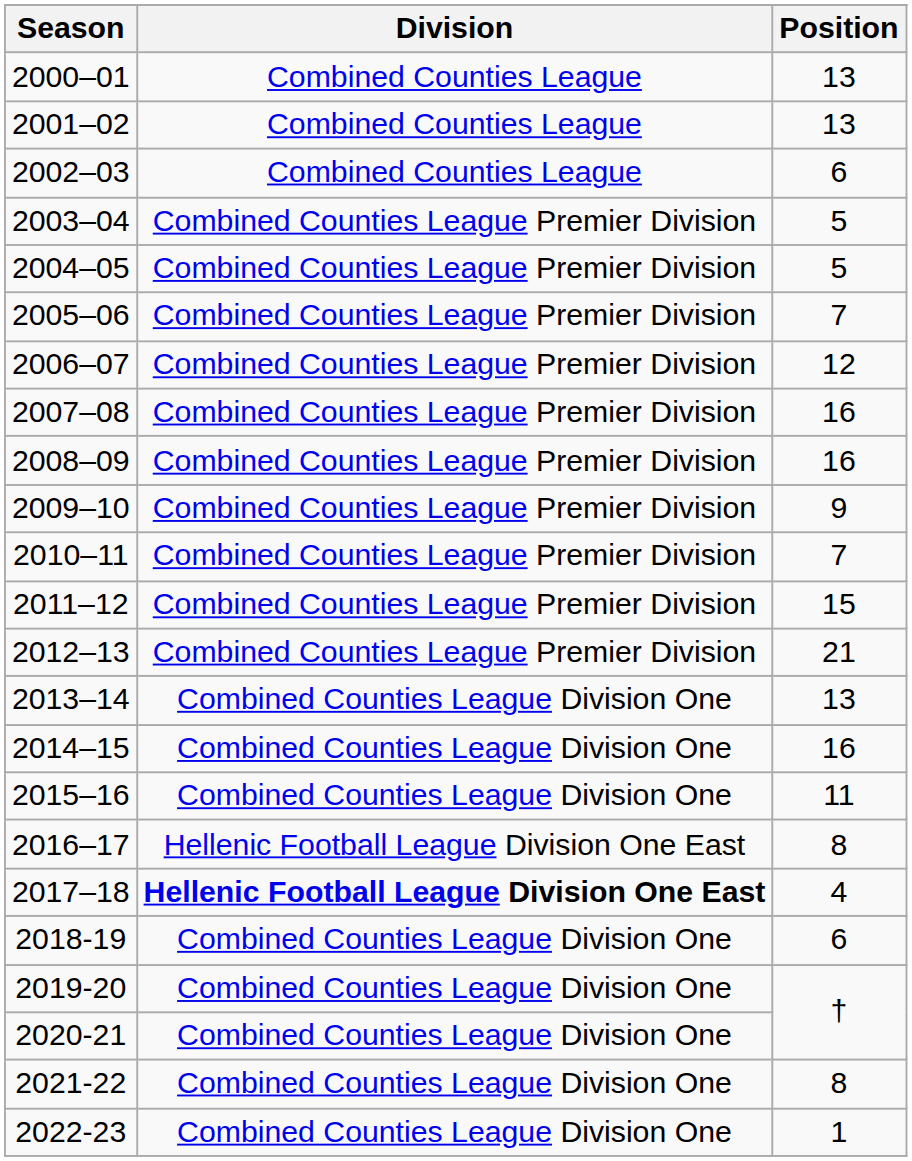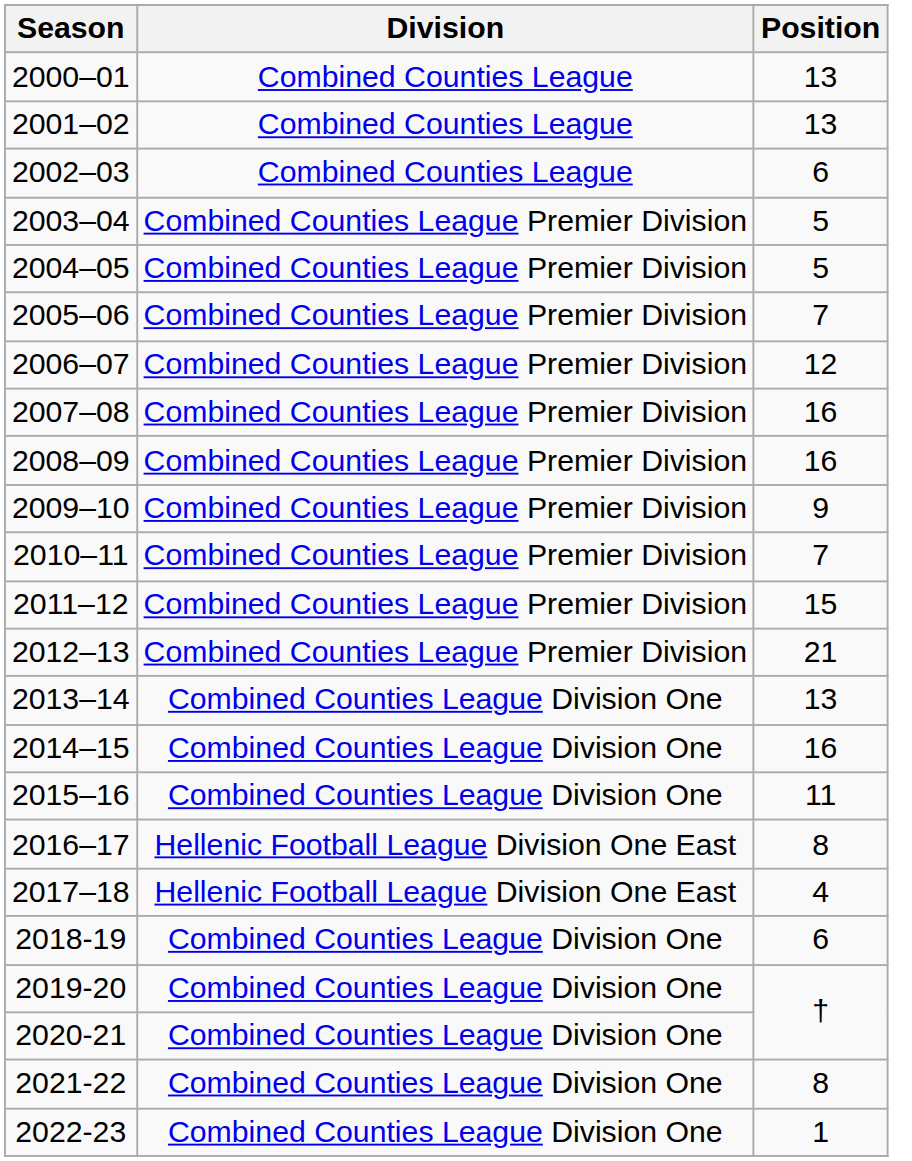 <table class="wikitable" style="text-align: center">
 <tr>
 </tr>
 <tr>
 <th>Season</th>
 <th>Division</th>
 <th>Position</th>
 </tr>
 <tr>
 <td>2000–01</td>
 <td><a href='#'>Combined Counties League</a></td>
 <td>13</td>
 </tr>
 <tr>
 <td>2001–02</td>
 <td><a href='#'>Combined Counties League</a></td>
 <td>13</td>
 </tr>
 <tr>
 <td>2002–03</td>
 <td><a href='#'>Combined Counties League</a></td>
 <td>6</td>
 </tr>
 <tr>
 <td>2003–04</td>
 <td><a href='#'>Combined Counties League</a> Premier Division</td>
 <td>5</td>
 </tr>
 <tr>
 <td>2004–05</td>
 <td><a href='#'>Combined Counties League</a> Premier Division</td>
 <td>5</td>
 </tr>
 <tr>
 <td>2005–06</td>
 <td><a href='#'>Combined Counties League</a> Premier Division</td>
 <td>7</td>
 </tr>
 <tr>
 <td>2006–07</td>
 <td><a href='#'>Combined Counties League</a> Premier Division</td>
 <td>12</td>
 </tr>
 <tr>
 <td>2007–08</td>
 <td><a href='#'>Combined Counties League</a> Premier Division</td>
 <td>16</td>
 </tr>
 <tr>
 <td>2008–09</td>
 <td><a href='#'>Combined Counties League</a> Premier Division</td>
 <td>16</td>
 </tr>
 <tr>
 <td>2009–10</td>
 <td><a href='#'>Combined Counties League</a> Premier Division</td>
 <td>9</td>
 </tr>
 <tr>
 <td>2010–11</td>
 <td><a href='#'>Combined Counties League</a> Premier Division</td>
 <td>7</td>
 </tr>
 <tr>
 <td>2011–12</td>
 <td><a href='#'>Combined Counties League</a> Premier Division</td>
 <td>15</td>
 </tr>
 <tr>
 <td>2012–13</td>
 <td><a href='#'>Combined Counties League</a> Premier Division</td>
 <td>21</td>
 </tr>
 <tr>
 <td>2013–14</td>
 <td><a href='#'>Combined Counties League</a> Division One</td>
 <td>13</td>
 </tr>
 <tr>
 <td>2014–15</td>
 <td><a href='#'>Combined Counties League</a> Division One</td>
 <td>16</td>
 </tr>
 <tr>
 <td>2015–16</td>
 <td><a href='#'>Combined Counties League</a> Division One</td>
 <td>11</td>
 </tr>
 <tr>
 <td>2016–17</td>
 <td><a href='#'>Hellenic Football League</a> Division One East</td>
 <td>8</td>
 </tr>
 <tr>
 <td>2017–18</td>
-<td><strong><a href='#'>Hellenic Football League</a> Division One East</strong></td>
+<td><a href='#'>Hellenic Football League</a> Division One East</td>
 <td>4</td>
 </tr>
 <tr>
 <td>2018-19</td>
 <td><a href='#'>Combined Counties League</a> Division One</td>
 <td>6</td>
 </tr>
 <tr>
 <td>2019-20</td>
 <td><a href='#'>Combined Counties League</a> Division One</td>
 <td rowspan=2>†</td>
 </tr>
 <tr>
 <td>2020-21</td>
 <td><a href='#'>Combined Counties League</a> Division One</td>
 </tr>
 <tr>
 <td>2021-22</td>
 <td><a href='#'>Combined Counties League</a> Division One</td>
 <td>8</td>
 </tr>
 <tr>
 <td>2022-23</td>
 <td><a href='#'>Combined Counties League</a> Division One</td>
 <td>1</td>
 </tr>
 </table>
